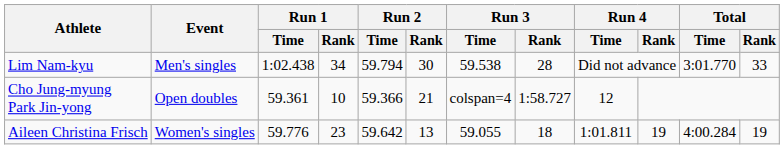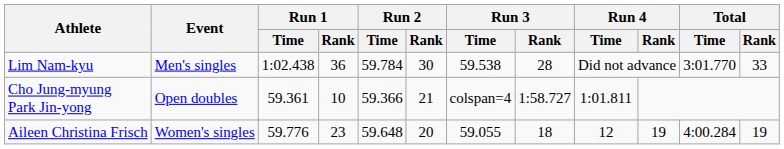 <table class=wikitable style=font-size:90%;text-align:center>
 <tr>
 <th rowspan=2>Athlete</th>
 <th rowspan=2>Event</th>
 <th colspan=2>Run 1</th>
 <th colspan=2>Run 2</th>
 <th colspan=2>Run 3</th>
 <th colspan=2>Run 4</th>
 <th colspan=2>Total</th>
 </tr>
 <tr style=font-size:95%>
 <th>Time</th>
 <th>Rank</th>
 <th>Time</th>
 <th>Rank</th>
 <th>Time</th>
 <th>Rank</th>
 <th>Time</th>
 <th>Rank</th>
 <th>Time</th>
 <th>Rank</th>
 </tr>
 <tr>
 <td align=left><a href='#'>Lim Nam-kyu</a></td>
 <td align=left><a href='#'>Men's singles</a></td>
 <td>1:02.438</td>
-<td>34</td>
-<td>59.794</td>
+<td>36</td>
+<td>59.784</td>
 <td>30</td>
 <td>59.538</td>
 <td>28</td>
 <td colspan="2">Did not advance</td>
 <td>3:01.770</td>
 <td>33</td>
 </tr>
 <tr>
 <td align=left><a href='#'>Cho Jung-myung</a><br><a href='#'>Park Jin-yong</a></td>
 <td align=left><a href='#'>Open doubles</a></td>
 <td>59.361</td>
 <td>10</td>
 <td>59.366</td>
 <td>21</td>
 <td>colspan=4 </td>
 <td>1:58.727</td>
-<td>12</td>
+<td>1:01.811</td>
 </tr>
 <tr>
 <td align=left><a href='#'>Aileen Christina Frisch</a></td>
 <td align=left><a href='#'>Women's singles</a></td>
 <td>59.776</td>
 <td>23</td>
-<td>59.642</td>
-<td>13</td>
+<td>59.648</td>
+<td>20</td>
 <td>59.055</td>
 <td>18</td>
-<td>1:01.811</td>
+<td>12</td>
 <td>19</td>
 <td>4:00.284</td>
 <td>19</td>
 </tr>
 </table>
